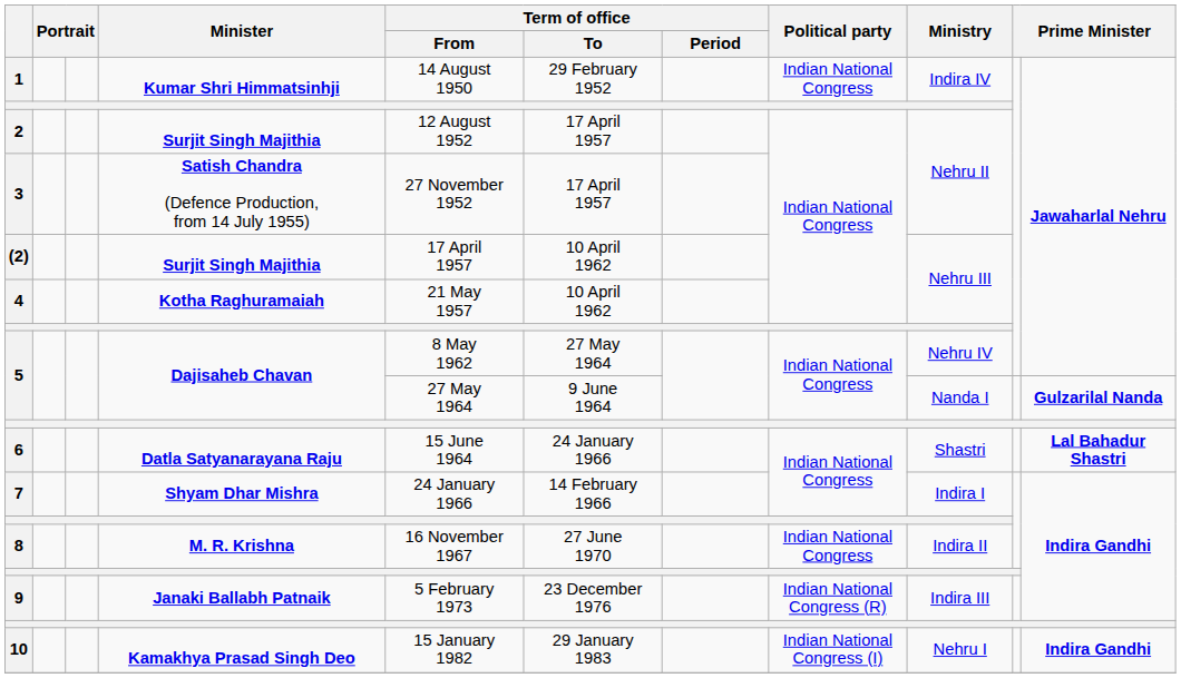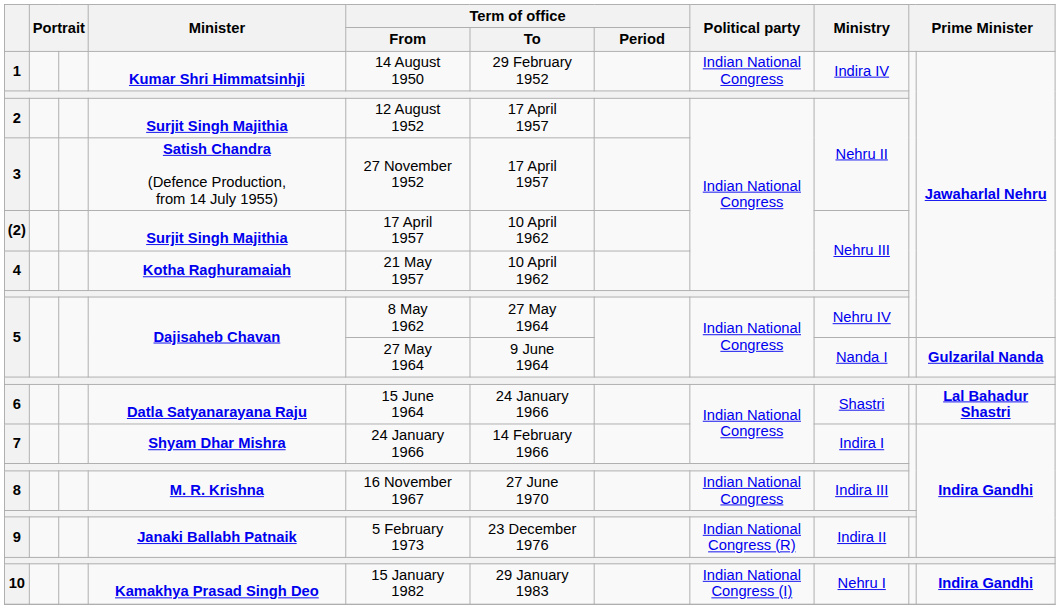 <table class="wikitable" style="text-align:center">
 <tr>
 <th rowspan="2"></th>
 <th rowspan="2" colspan="2">Portrait</th>
 <th rowspan="2" style="width:17em">Minister<br></th>
 <th colspan="3">Term of office</th>
 <th rowspan="2" style="width:8em">Political party</th>
 <th rowspan="2" style="width:6em">Ministry</th>
 <th rowspan="2" colspan="2">Prime Minister</th>
 </tr>
 <tr>
 <th style="width:8em">From</th>
 <th style="width:8em">To</th>
 <th style="width:6em">Period</th>
 </tr>
 <tr>
 <th>1</th>
 <td></td>
 <td></td>
 <td><br><strong><a href='#'>Kumar Shri Himmatsinhji</a></strong> <br></td>
 <td>14 August<br>1950</td>
 <td>29 February<br>1952</td>
 <td><strong></strong></td>
 <td><a href='#'>Indian National Congress</a></td>
 <td><a href='#'>Indira IV</a></td>
 <td rowspan="8"></td>
 <td rowspan="8" style="width:9em"><strong><a href='#'>Jawaharlal Nehru</a></strong></td>
 </tr>
 <tr>
 <th colspan="9"></th>
 </tr>
 <tr>
 <th>2</th>
 <td></td>
 <td></td>
 <td><br><strong><a href='#'>Surjit Singh Majithia</a></strong><br></td>
 <td>12 August<br>1952</td>
 <td>17 April<br>1957</td>
 <td><strong></strong></td>
 <td rowspan="4"><a href='#'>Indian National Congress</a></td>
 <td rowspan="2"><a href='#'>Nehru II</a></td>
 </tr>
 <tr>
 <th>3</th>
 <td></td>
 <td></td>
 <td><strong><a href='#'>Satish Chandra</a></strong><br><br>(Defence Production,<br>from 14 July 1955)</td>
 <td>27 November<br>1952</td>
 <td>17 April<br>1957</td>
 <td><strong></strong></td>
 </tr>
 <tr>
 <th>(2)</th>
 <td></td>
 <td></td>
 <td><br><strong><a href='#'>Surjit Singh Majithia</a></strong><br></td>
 <td>17 April<br>1957</td>
 <td>10 April<br>1962</td>
 <td><strong></strong></td>
 <td rowspan="2"><a href='#'>Nehru III</a></td>
 </tr>
 <tr>
 <th>4</th>
 <td></td>
 <td></td>
 <td><strong><a href='#'>Kotha Raghuramaiah</a></strong><br></td>
 <td>21 May<br>1957</td>
 <td>10 April<br>1962</td>
 <td><strong></strong></td>
 </tr>
 <tr>
 <th colspan="9"></th>
 </tr>
 <tr>
 <th rowspan="2">5</th>
 <td rowspan="2"></td>
 <td rowspan="2"></td>
 <td rowspan="2"><strong><a href='#'>Dajisaheb Chavan</a></strong><br></td>
 <td>8 May<br>1962</td>
 <td>27 May<br>1964</td>
 <td rowspan="2"><strong></strong></td>
 <td rowspan="2"><a href='#'>Indian National Congress</a></td>
 <td><a href='#'>Nehru IV</a></td>
 </tr>
 <tr>
 <td>27 May<br>1964</td>
 <td>9 June<br>1964</td>
 <td><a href='#'>Nanda I</a></td>
 <td></td>
 <td><strong><a href='#'>Gulzarilal Nanda</a></strong></td>
 </tr>
 <tr>
 <th colspan="11"></th>
 </tr>
 <tr>
 <th>6</th>
 <td></td>
 <td></td>
 <td><br><strong><a href='#'>Datla Satyanarayana Raju</a></strong><br></td>
 <td>15 June<br>1964</td>
 <td>24 January<br>1966</td>
 <td><strong></strong></td>
 <td rowspan="2"><a href='#'>Indian National Congress</a></td>
 <td><a href='#'>Shastri</a></td>
 <td></td>
 <td><strong><a href='#'>Lal Bahadur Shastri</a></strong></td>
 </tr>
 <tr>
 <th>7</th>
 <td></td>
 <td></td>
 <td><strong><a href='#'>Shyam Dhar Mishra</a></strong><br></td>
 <td>24 January<br>1966</td>
 <td>14 February<br>1966</td>
 <td><strong></strong></td>
 <td><a href='#'>Indira I</a></td>
 <td rowspan="3"></td>
 <td rowspan="5"><strong><a href='#'>Indira Gandhi</a></strong></td>
 </tr>
 <tr>
 <th colspan="9"></th>
 </tr>
 <tr>
 <th>8</th>
 <td></td>
 <td></td>
 <td><strong><a href='#'>M. R. Krishna</a></strong><br></td>
 <td>16 November<br>1967</td>
 <td>27 June<br>1970</td>
 <td><strong></strong></td>
 <td><a href='#'>Indian National Congress</a></td>
-<td><a href='#'>Indira II</a></td>
+<td><a href='#'>Indira III</a></td>
 </tr>
 <tr>
 <th colspan="10"></th>
 </tr>
 <tr>
 <th>9</th>
 <td></td>
 <td></td>
 <td><strong><a href='#'>Janaki Ballabh Patnaik</a></strong><br></td>
 <td>5 February<br>1973</td>
 <td>23 December<br>1976</td>
 <td><strong></strong></td>
 <td><a href='#'>Indian National Congress (R)</a></td>
-<td><a href='#'>Indira III</a></td>
+<td><a href='#'>Indira II</a></td>
 <td></td>
 </tr>
 <tr>
 <th colspan="11"></th>
 </tr>
 <tr>
 <th>10</th>
 <td></td>
 <td></td>
 <td><br><strong><a href='#'>Kamakhya Prasad Singh Deo</a></strong> <br></td>
 <td>15 January<br>1982</td>
 <td>29 January<br>1983</td>
 <td><strong></strong></td>
 <td><a href='#'>Indian National Congress (I)</a></td>
 <td><a href='#'>Nehru I</a></td>
 <td></td>
 <td><strong><a href='#'>Indira Gandhi</a></strong></td>
 </tr>
 <tr>
 </tr>
 </table>
